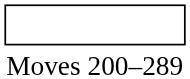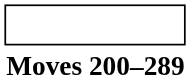 <table style="display:inline; display:inline-table;">
 <tr>
 <td style="border: solid thin; padding: 2px;"><br></td>
 </tr>
 <tr>
-<td style="text-align:center">Moves 200–289</td>
+<td style="text-align:center"><strong>Moves 200–289</strong></td>
 </tr>
 </table>
